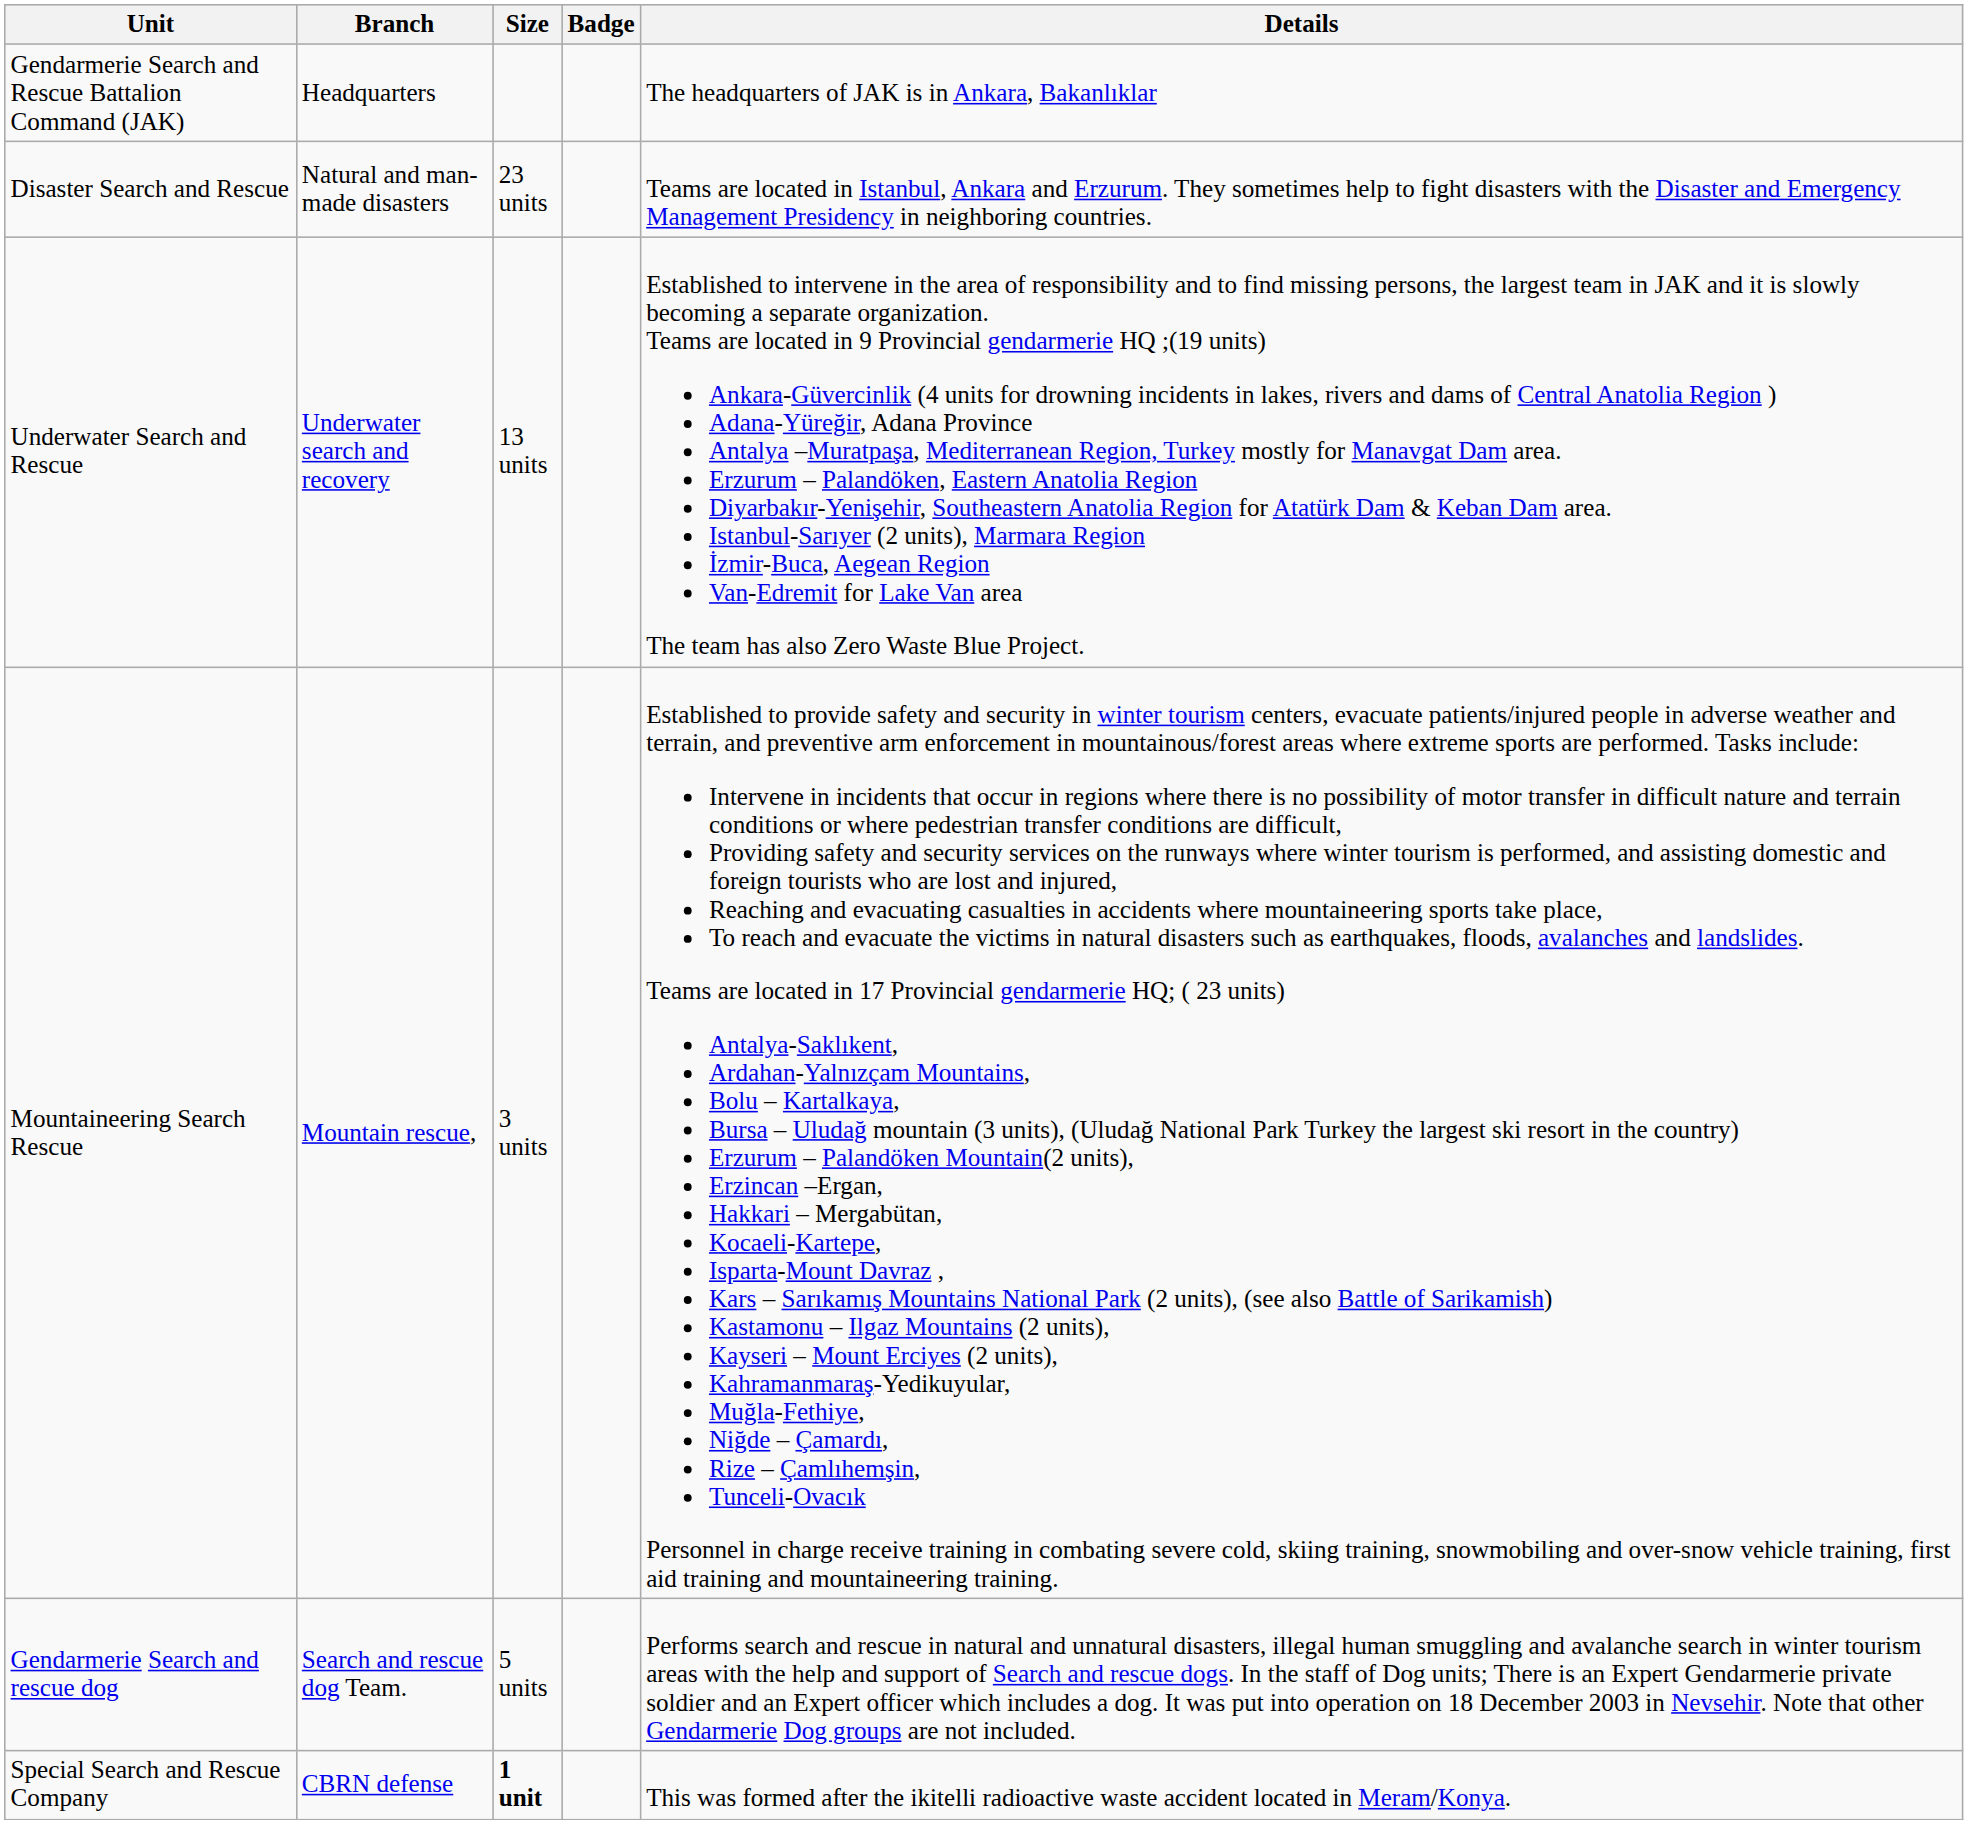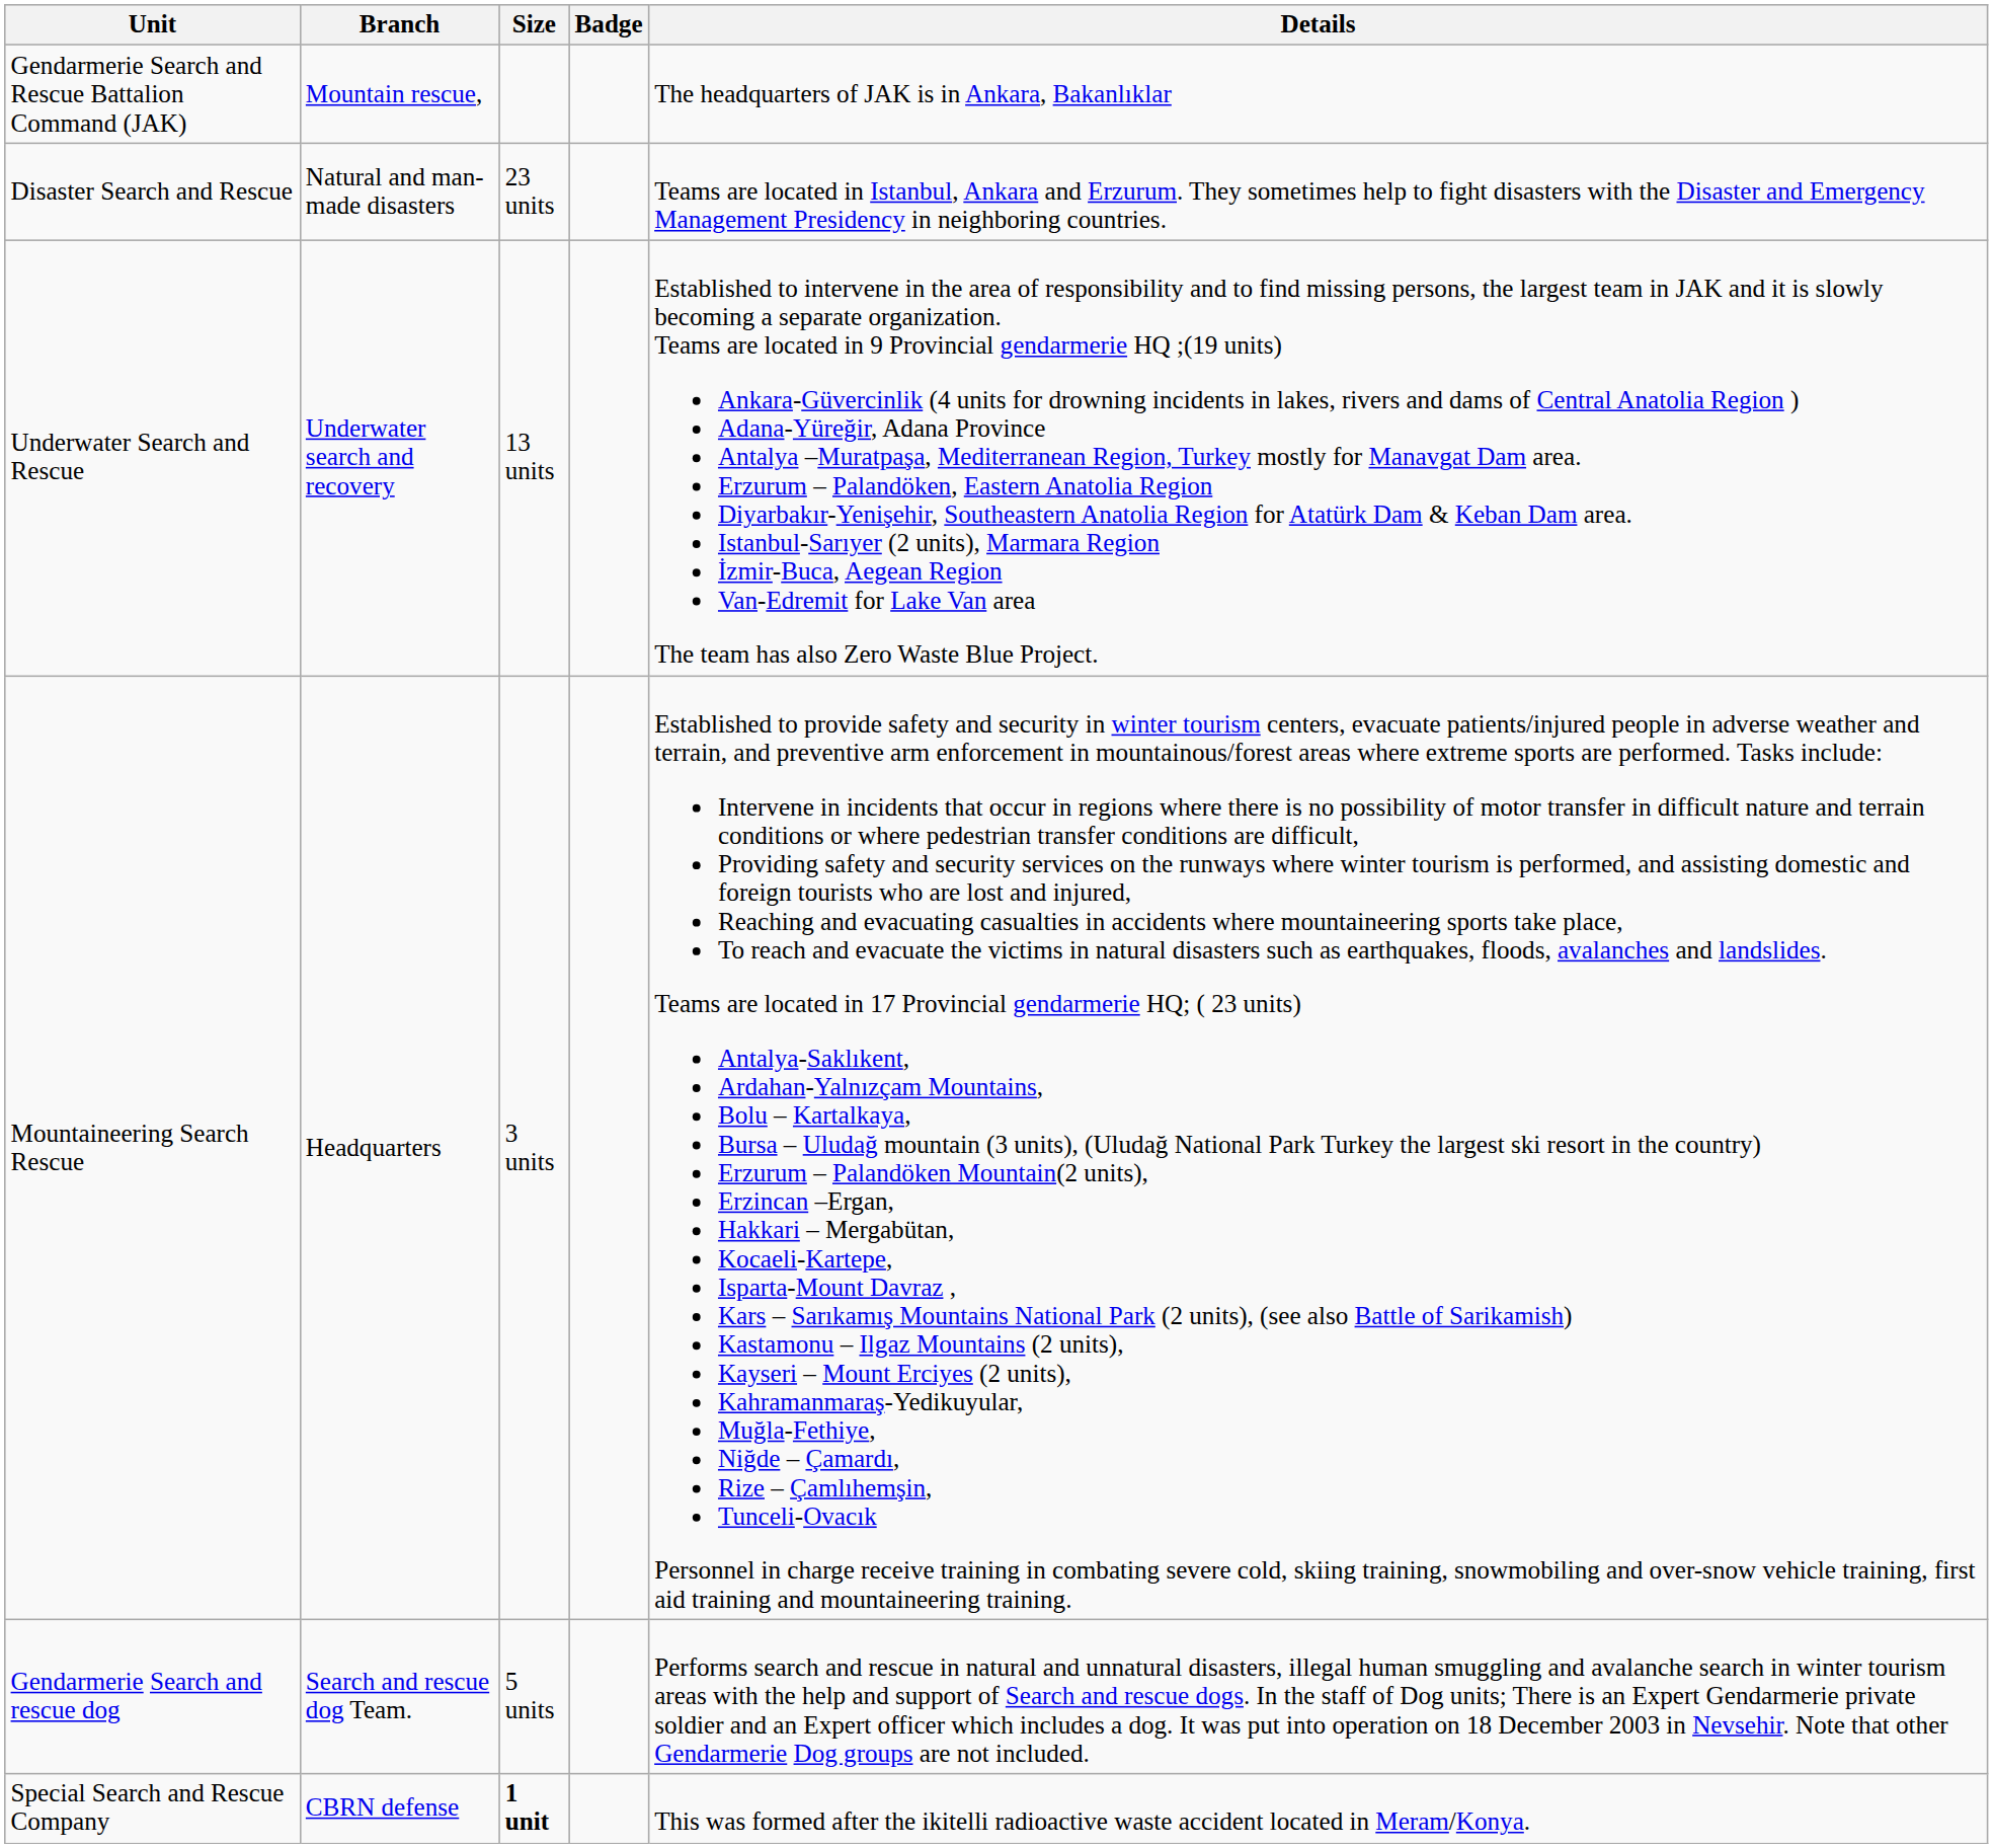 <table class="wikitable">
 <tr>
 <th>Unit</th>
 <th>Branch</th>
 <th>Size</th>
 <th>Badge</th>
 <th>Details</th>
 </tr>
 <tr>
 <td>Gendarmerie Search and Rescue Battalion Command (JAK)</td>
-<td>Headquarters</td>
+<td><a href='#'>Mountain rescue</a>,</td>
 <td></td>
 <td></td>
 <td>The headquarters of JAK is in <a href='#'>Ankara</a>, <a href='#'>Bakanlıklar</a></td>
 </tr>
 <tr>
 <td>Disaster Search and Rescue</td>
 <td>Natural and man-made disasters</td>
 <td>23 units</td>
 <td></td>
 <td><br>Teams are located in <a href='#'>Istanbul</a>, <a href='#'>Ankara</a> and <a href='#'>Erzurum</a>. They sometimes help to fight disasters with the <a href='#'>Disaster and Emergency Management Presidency</a> in neighboring countries.</td>
 </tr>
 <tr>
 <td>Underwater Search and Rescue</td>
 <td><a href='#'>Underwater search and recovery</a></td>
 <td>13 units</td>
 <td></td>
 <td><br>Established to intervene in the area of responsibility and to find missing persons, the largest team in JAK and it is slowly becoming a separate organization.<br>Teams are located in 9 Provincial <a href='#'>gendarmerie</a> HQ ;(19 units)<ul><li><a href='#'>Ankara</a>-<a href='#'>Güvercinlik</a> (4 units for drowning incidents in lakes, rivers and dams of <a href='#'>Central Anatolia Region</a> )</li><li><a href='#'>Adana</a>-<a href='#'>Yüreğir</a>, Adana Province</li><li><a href='#'>Antalya</a> –<a href='#'>Muratpaşa</a>, <a href='#'>Mediterranean Region, Turkey</a> mostly for <a href='#'>Manavgat Dam</a> area.</li><li><a href='#'>Erzurum</a> – <a href='#'>Palandöken</a>, <a href='#'>Eastern Anatolia Region</a></li><li><a href='#'>Diyarbakır</a>-<a href='#'>Yenişehir</a>, <a href='#'>Southeastern Anatolia Region</a> for <a href='#'>Atatürk Dam</a> & <a href='#'>Keban Dam</a> area.</li><li><a href='#'>Istanbul</a>-<a href='#'>Sarıyer</a> (2 units), <a href='#'>Marmara Region</a></li><li><a href='#'>İzmir</a>-<a href='#'>Buca</a>, <a href='#'>Aegean Region</a></li><li><a href='#'>Van</a>-<a href='#'>Edremit</a> for <a href='#'>Lake Van</a> area</li></ul>The team has also Zero Waste Blue Project. <br></td>
 </tr>
 <tr>
 <td>Mountaineering Search Rescue</td>
-<td><a href='#'>Mountain rescue</a>,</td>
+<td>Headquarters</td>
 <td>3 units</td>
 <td></td>
 <td><br>Established to provide safety and security in <a href='#'>winter tourism</a> centers, evacuate patients/injured people in adverse weather and terrain, and preventive arm enforcement in mountainous/forest areas where extreme sports are performed. Tasks include:<ul><li>Intervene in incidents that occur in regions where there is no possibility of motor transfer in difficult nature and terrain conditions or where pedestrian transfer conditions are difficult,</li><li>Providing safety and security services on the runways where winter tourism is performed, and assisting domestic and foreign tourists who are lost and injured,</li><li>Reaching and evacuating casualties in accidents where mountaineering sports take place,</li><li>To reach and evacuate the victims in natural disasters such as earthquakes, floods, <a href='#'>avalanches</a> and <a href='#'>landslides</a>.</li></ul>Teams are located in 17 Provincial <a href='#'>gendarmerie</a> HQ; ( 23 units)<ul><li><a href='#'>Antalya</a>-<a href='#'>Saklıkent</a>,</li><li><a href='#'>Ardahan</a>-<a href='#'>Yalnızçam Mountains</a>,</li><li><a href='#'>Bolu</a> – <a href='#'>Kartalkaya</a>,</li><li><a href='#'>Bursa</a> – <a href='#'>Uludağ</a> mountain (3 units), (Uludağ National Park Turkey the largest ski resort in the country)</li><li><a href='#'>Erzurum</a> – <a href='#'>Palandöken Mountain</a>(2 units),</li><li><a href='#'>Erzincan</a> –Ergan,</li><li><a href='#'>Hakkari</a> – Mergabütan,</li><li><a href='#'>Kocaeli</a>-<a href='#'>Kartepe</a>,</li><li><a href='#'>Isparta</a>-<a href='#'>Mount Davraz</a> ,</li><li><a href='#'>Kars</a> – <a href='#'>Sarıkamış Mountains National Park</a> (2 units), (see also <a href='#'>Battle of Sarikamish</a>)</li><li><a href='#'>Kastamonu</a> – <a href='#'>Ilgaz Mountains</a> (2 units),</li><li><a href='#'>Kayseri</a> – <a href='#'>Mount Erciyes</a> (2 units),</li><li><a href='#'>Kahramanmaraş</a>-Yedikuyular,</li><li><a href='#'>Muğla</a>-<a href='#'>Fethiye</a>,</li><li><a href='#'>Niğde</a> – <a href='#'>Çamardı</a>,</li><li><a href='#'>Rize</a> – <a href='#'>Çamlıhemşin</a>,</li><li><a href='#'>Tunceli</a>-<a href='#'>Ovacık</a></li></ul>Personnel in charge receive training in combating severe cold, skiing training, snowmobiling and over-snow vehicle training, first aid training and mountaineering training. <br></td>
 </tr>
 <tr>
 <td><a href='#'>Gendarmerie</a> <a href='#'>Search and rescue dog</a></td>
 <td><a href='#'>Search and rescue dog</a> Team.</td>
 <td>5 units</td>
 <td></td>
 <td><br>Performs search and rescue in natural and unnatural disasters, illegal human smuggling and avalanche search in winter tourism areas with the help and support of <a href='#'>Search and rescue dogs</a>.  In the staff of Dog units; There is an Expert Gendarmerie private soldier and an Expert officer which includes a dog.  It was put into operation on 18 December 2003 in <a href='#'>Nevsehir</a>. Note that other <a href='#'>Gendarmerie</a> <a href='#'>Dog groups</a> are not included.</td>
 </tr>
 <tr>
 <td>Special Search and Rescue Company</td>
 <td><a href='#'>CBRN defense</a></td>
 <td><strong>1 unit</strong></td>
 <td></td>
 <td><br>This was formed after the ikitelli radioactive waste accident located in <a href='#'>Meram</a>/<a href='#'>Konya</a>.</td>
 </tr>
 </table>
